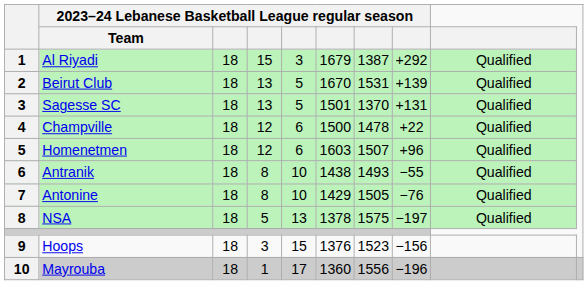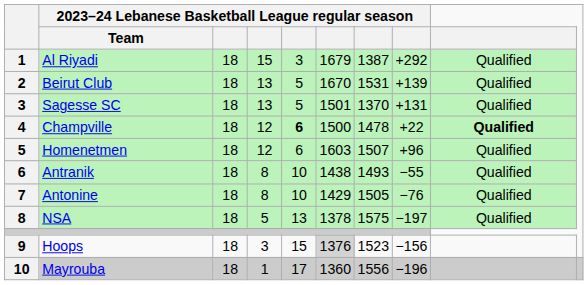 <table class="wikitable" style="font-size:95%; text-align:center">
 <tr>
 <th rowspan="2" width="30px"></th>
 <th colspan="7" style="text-align:center">2023–24 Lebanese Basketball League regular season</th>
 </tr>
 <tr>
 <th width="180px">Team</th>
 <th width="30px"></th>
 <th width="30px"></th>
 <th width="30px"></th>
 <th width="30px"></th>
 <th width="30px"></th>
 <th width="30px"></th>
 <th width="150px"></th>
 </tr>
 <tr style="background-color:#BBF3BB;">
 <th>1</th>
 <td style="text-align:left;"><a href='#'>Al Riyadi</a></td>
 <td>18</td>
 <td>15</td>
 <td>3</td>
 <td>1679</td>
 <td>1387</td>
 <td>+292</td>
 <td>Qualified</td>
 </tr>
 <tr style="background-color:#BBF3BB;">
 <th>2</th>
 <td style="text-align:left;"><a href='#'>Beirut Club</a></td>
 <td>18</td>
 <td>13</td>
 <td>5</td>
 <td>1670</td>
 <td>1531</td>
 <td>+139</td>
 <td>Qualified</td>
 </tr>
 <tr style="background-color:#BBF3BB;">
 <th>3</th>
 <td style="text-align:left;"><a href='#'>Sagesse SC</a></td>
 <td>18</td>
 <td>13</td>
 <td>5</td>
 <td>1501</td>
 <td>1370</td>
 <td>+131</td>
 <td>Qualified</td>
 </tr>
 <tr style="background-color:#BBF3BB;">
 <th>4</th>
 <td style="text-align:left;"><a href='#'>Champville</a></td>
 <td>18</td>
 <td>12</td>
-<td>6</td>
+<td><strong>6</strong></td>
 <td>1500</td>
 <td>1478</td>
 <td>+22</td>
-<td>Qualified</td>
+<td><strong>Qualified</strong></td>
 </tr>
 <tr bgcolor="#BBF3BB">
 <th>5</th>
 <td style="text-align:left;"><a href='#'>Homenetmen</a></td>
 <td>18</td>
 <td>12</td>
 <td>6</td>
 <td>1603</td>
 <td>1507</td>
 <td>+96</td>
 <td>Qualified</td>
 </tr>
 <tr bgcolor="#BBF3BB">
 <th>6</th>
 <td style="text-align:left;"><a href='#'>Antranik</a></td>
 <td>18</td>
 <td>8</td>
 <td>10</td>
 <td>1438</td>
 <td>1493</td>
 <td>−55</td>
 <td>Qualified</td>
 </tr>
 <tr bgcolor="#BBF3BB">
 <th>7</th>
 <td style="text-align:left;"><a href='#'>Antonine</a></td>
 <td>18</td>
 <td>8</td>
 <td>10</td>
 <td>1429</td>
 <td>1505</td>
 <td>−76</td>
 <td>Qualified</td>
 </tr>
 <tr bgcolor="#BBF3BB">
 <th>8</th>
 <td style="text-align:left;"><a href='#'>NSA</a></td>
 <td>18</td>
 <td>5</td>
 <td>13</td>
 <td>1378</td>
 <td>1575</td>
 <td>−197</td>
 <td>Qualified</td>
 </tr>
 <tr style="background-color:#CCCCCC">
 <td colspan="8"></td>
 </tr>
 <tr>
 <th>9</th>
 <td style="text-align:left;"><a href='#'>Hoops</a></td>
 <td>18</td>
 <td>3</td>
 <td>15</td>
-<td>1376</td>
+<td style="background: lightgrey;">1376</td>
 <td>1523</td>
 <td>−156</td>
 <td></td>
 </tr>
 <tr bgcolor="#CCCCCC">
 <th>10</th>
 <td style="text-align:left;"><a href='#'>Mayrouba</a></td>
 <td>18</td>
 <td>1</td>
 <td>17</td>
 <td>1360</td>
 <td>1556</td>
 <td>−196</td>
 <td></td>
 <td></td>
 </tr>
 </table>
